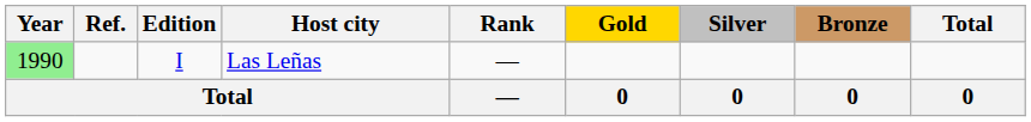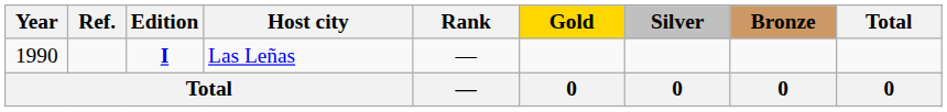 <table class="wikitable sortable" style="text-align:center;">
 <tr>
 <th scope="col"> Year </th>
 <th scope="col" class="unsortable"> Ref. </th>
 <th scope="col">Edition</th>
 <th scope="col" style="width:150px;">Host city</th>
 <th scope="col" style="width:4.5em;"> Rank </th>
 <th scope="col" style="width:4.5em; background:gold">Gold</th>
 <th scope="col" style="width:4.5em; background:silver">Silver</th>
 <th scope="col" style="width:4.5em; background:#cc9966">Bronze</th>
 <th scope="col" style="width:4.5em;">Total</th>
 </tr>
 <tr>
-<td style="background: lightgreen;">1990</td>
+<td>1990</td>
 <td></td>
-<td><a href='#'>I</a></td>
+<td><strong><a href='#'>I</a></strong></td>
 <td align=left> <a href='#'>Las Leñas</a></td>
 <td>—</td>
 <td></td>
 <td></td>
 <td></td>
 <td></td>
 </tr>
 <tr class="sortbottom">
 <th colspan=4>Total</th>
 <th>—</th>
 <th>0</th>
 <th>0</th>
 <th>0</th>
 <th>0</th>
 </tr>
 </table>
